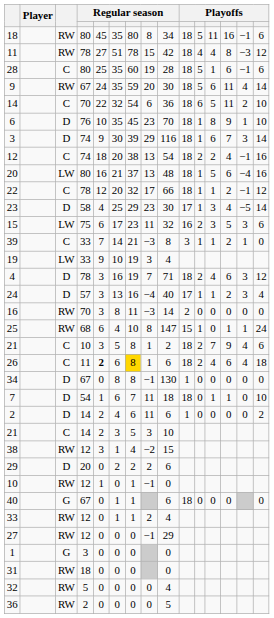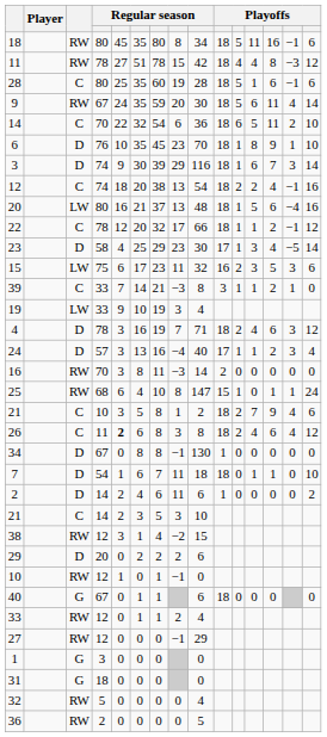 <table class="wikitable sortable plainrowheaders" style="text-align:center;">
 <tr>
 <th scope="col" data-sort-type="number" rowspan="2"></th>
 <th scope="col" rowspan="2">Player</th>
 <th scope="col" rowspan="2"></th>
 <th scope=colgroup colspan=6>Regular season</th>
 <th scope=colgroup colspan=6>Playoffs</th>
 </tr>
 <tr>
 <th scope="col" data-sort-type="number"></th>
 <th scope="col" data-sort-type="number"></th>
 <th scope="col" data-sort-type="number"></th>
 <th scope="col" data-sort-type="number"></th>
 <th scope="col" data-sort-type="number"></th>
 <th scope="col" data-sort-type="number"></th>
 <th scope="col" data-sort-type="number"></th>
 <th scope="col" data-sort-type="number"></th>
 <th scope="col" data-sort-type="number"></th>
 <th scope="col" data-sort-type="number"></th>
 <th scope="col" data-sort-type="number"></th>
 <th scope="col" data-sort-type="number"></th>
 </tr>
 <tr>
 <td scope="row">18</td>
 <td align="left"></td>
 <td>RW</td>
 <td>80</td>
 <td>45</td>
 <td>35</td>
 <td>80</td>
 <td>8</td>
 <td>34</td>
 <td>18</td>
 <td>5</td>
 <td>11</td>
 <td>16</td>
 <td>−1</td>
 <td>6</td>
 </tr>
 <tr>
 <td scope="row">11</td>
 <td align="left"></td>
 <td>RW</td>
 <td>78</td>
 <td>27</td>
 <td>51</td>
 <td>78</td>
 <td>15</td>
 <td>42</td>
 <td>18</td>
 <td>4</td>
 <td>4</td>
 <td>8</td>
 <td>−3</td>
 <td>12</td>
 </tr>
 <tr>
 <td scope="row">28</td>
 <td align="left"></td>
 <td>C</td>
 <td>80</td>
 <td>25</td>
 <td>35</td>
 <td>60</td>
 <td>19</td>
 <td>28</td>
 <td>18</td>
 <td>5</td>
 <td>1</td>
 <td>6</td>
 <td>−1</td>
 <td>6</td>
 </tr>
 <tr>
 <td scope="row">9</td>
 <td align="left"></td>
 <td>RW</td>
 <td>67</td>
 <td>24</td>
 <td>35</td>
 <td>59</td>
 <td>20</td>
 <td>30</td>
 <td>18</td>
 <td>5</td>
 <td>6</td>
 <td>11</td>
 <td>4</td>
 <td>14</td>
 </tr>
 <tr>
 <td scope="row">14</td>
 <td align="left"></td>
 <td>C</td>
 <td>70</td>
 <td>22</td>
 <td>32</td>
 <td>54</td>
 <td>6</td>
 <td>36</td>
 <td>18</td>
 <td>6</td>
 <td>5</td>
 <td>11</td>
 <td>2</td>
 <td>10</td>
 </tr>
 <tr>
 <td scope="row">6</td>
 <td align="left"></td>
 <td>D</td>
 <td>76</td>
 <td>10</td>
 <td>35</td>
 <td>45</td>
 <td>23</td>
 <td>70</td>
 <td>18</td>
 <td>1</td>
 <td>8</td>
 <td>9</td>
 <td>1</td>
 <td>10</td>
 </tr>
 <tr>
 <td scope="row">3</td>
 <td align="left"></td>
 <td>D</td>
 <td>74</td>
 <td>9</td>
 <td>30</td>
 <td>39</td>
 <td>29</td>
 <td>116</td>
 <td>18</td>
 <td>1</td>
 <td>6</td>
 <td>7</td>
 <td>3</td>
 <td>14</td>
 </tr>
 <tr>
 <td scope="row">12</td>
 <td align="left"></td>
 <td>C</td>
 <td>74</td>
 <td>18</td>
 <td>20</td>
 <td>38</td>
 <td>13</td>
 <td>54</td>
 <td>18</td>
 <td>2</td>
 <td>2</td>
 <td>4</td>
 <td>−1</td>
 <td>16</td>
 </tr>
 <tr>
 <td scope="row">20</td>
 <td align="left"></td>
 <td>LW</td>
 <td>80</td>
 <td>16</td>
 <td>21</td>
 <td>37</td>
 <td>13</td>
 <td>48</td>
 <td>18</td>
 <td>1</td>
 <td>5</td>
 <td>6</td>
 <td>−4</td>
 <td>16</td>
 </tr>
 <tr>
 <td scope="row">22</td>
 <td align="left"></td>
 <td>C</td>
 <td>78</td>
 <td>12</td>
 <td>20</td>
 <td>32</td>
 <td>17</td>
 <td>66</td>
 <td>18</td>
 <td>1</td>
 <td>1</td>
 <td>2</td>
 <td>−1</td>
 <td>12</td>
 </tr>
 <tr>
 <td scope="row">23</td>
 <td align="left"></td>
 <td>D</td>
 <td>58</td>
 <td>4</td>
 <td>25</td>
 <td>29</td>
 <td>23</td>
 <td>30</td>
 <td>17</td>
 <td>1</td>
 <td>3</td>
 <td>4</td>
 <td>−5</td>
 <td>14</td>
 </tr>
 <tr>
 <td scope="row">15</td>
 <td align="left"></td>
 <td>LW</td>
 <td>75</td>
 <td>6</td>
 <td>17</td>
 <td>23</td>
 <td>11</td>
 <td>32</td>
 <td>16</td>
 <td>2</td>
 <td>3</td>
 <td>5</td>
 <td>3</td>
 <td>6</td>
 </tr>
 <tr>
 <td scope="row">39</td>
 <td align="left"></td>
 <td>C</td>
 <td>33</td>
 <td>7</td>
 <td>14</td>
 <td>21</td>
 <td>−3</td>
 <td>8</td>
 <td>3</td>
 <td>1</td>
 <td>1</td>
 <td>2</td>
 <td>1</td>
 <td>0</td>
 </tr>
 <tr>
 <td scope="row">19</td>
 <td align="left"></td>
 <td>LW</td>
 <td>33</td>
 <td>9</td>
 <td>10</td>
 <td>19</td>
 <td>3</td>
 <td>4</td>
 <td></td>
 <td></td>
 <td></td>
 <td></td>
 <td></td>
 <td></td>
 </tr>
 <tr>
 <td scope="row">4</td>
 <td align="left"></td>
 <td>D</td>
 <td>78</td>
 <td>3</td>
 <td>16</td>
 <td>19</td>
 <td>7</td>
 <td>71</td>
 <td>18</td>
 <td>2</td>
 <td>4</td>
 <td>6</td>
 <td>3</td>
 <td>12</td>
 </tr>
 <tr>
 <td scope="row">24</td>
 <td align="left"></td>
 <td>D</td>
 <td>57</td>
 <td>3</td>
 <td>13</td>
 <td>16</td>
 <td>−4</td>
 <td>40</td>
 <td>17</td>
 <td>1</td>
 <td>1</td>
 <td>2</td>
 <td>3</td>
 <td>4</td>
 </tr>
 <tr>
 <td scope="row">16</td>
 <td align="left"></td>
 <td>RW</td>
 <td>70</td>
 <td>3</td>
 <td>8</td>
 <td>11</td>
 <td>−3</td>
 <td>14</td>
 <td>2</td>
 <td>0</td>
 <td>0</td>
 <td>0</td>
 <td>0</td>
 <td>0</td>
 </tr>
 <tr>
 <td scope="row">25</td>
 <td align="left"></td>
 <td>RW</td>
 <td>68</td>
 <td>6</td>
 <td>4</td>
 <td>10</td>
 <td>8</td>
 <td>147</td>
 <td>15</td>
 <td>1</td>
 <td>0</td>
 <td>1</td>
 <td>1</td>
 <td>24</td>
 </tr>
 <tr>
 <td scope="row">21</td>
 <td align="left"></td>
 <td>C</td>
 <td>10</td>
 <td>3</td>
 <td>5</td>
 <td>8</td>
 <td>1</td>
 <td>2</td>
 <td>18</td>
 <td>2</td>
 <td>7</td>
 <td>9</td>
 <td>4</td>
 <td>6</td>
 </tr>
 <tr>
 <td scope="row">26</td>
 <td align="left"></td>
 <td>C</td>
 <td>11</td>
 <td><strong>2</strong></td>
 <td>6</td>
-<td style="background: gold;">8</td>
-<td>1</td>
-<td>6</td>
+<td>8</td>
+<td>3</td>
+<td>8</td>
 <td>18</td>
 <td>2</td>
 <td>4</td>
 <td>6</td>
 <td>4</td>
-<td>18</td>
+<td>12</td>
 </tr>
 <tr>
 <td scope="row">34</td>
 <td align="left"></td>
 <td>D</td>
 <td>67</td>
 <td>0</td>
 <td>8</td>
 <td>8</td>
 <td>−1</td>
 <td>130</td>
 <td>1</td>
 <td>0</td>
 <td>0</td>
 <td>0</td>
 <td>0</td>
 <td>0</td>
 </tr>
 <tr>
 <td scope="row">7</td>
 <td align="left"></td>
 <td>D</td>
 <td>54</td>
 <td>1</td>
 <td>6</td>
 <td>7</td>
 <td>11</td>
 <td>18</td>
 <td>18</td>
 <td>0</td>
 <td>1</td>
 <td>1</td>
 <td>0</td>
 <td>10</td>
 </tr>
 <tr>
 <td scope="row">2</td>
 <td align="left"></td>
 <td>D</td>
 <td>14</td>
 <td>2</td>
 <td>4</td>
 <td>6</td>
 <td>11</td>
 <td>6</td>
 <td>1</td>
 <td>0</td>
 <td>0</td>
 <td>0</td>
 <td>0</td>
 <td>2</td>
 </tr>
 <tr>
 <td scope="row">21</td>
 <td align="left"></td>
 <td>C</td>
 <td>14</td>
 <td>2</td>
 <td>3</td>
 <td>5</td>
 <td>3</td>
 <td>10</td>
 <td></td>
 <td></td>
 <td></td>
 <td></td>
 <td></td>
 <td></td>
 </tr>
 <tr>
 <td scope="row">38</td>
 <td align="left"></td>
 <td>RW</td>
 <td>12</td>
 <td>3</td>
 <td>1</td>
 <td>4</td>
 <td>−2</td>
 <td>15</td>
 <td></td>
 <td></td>
 <td></td>
 <td></td>
 <td></td>
 <td></td>
 </tr>
 <tr>
 <td scope="row">29</td>
 <td align="left"></td>
 <td>D</td>
 <td>20</td>
 <td>0</td>
 <td>2</td>
 <td>2</td>
 <td>2</td>
 <td>6</td>
 <td></td>
 <td></td>
 <td></td>
 <td></td>
 <td></td>
 <td></td>
 </tr>
 <tr>
 <td scope="row">10</td>
 <td align="left"></td>
 <td>RW</td>
 <td>12</td>
 <td>1</td>
 <td>0</td>
 <td>1</td>
 <td>−1</td>
 <td>0</td>
 <td></td>
 <td></td>
 <td></td>
 <td></td>
 <td></td>
 <td></td>
 </tr>
 <tr>
 <td scope="row">40</td>
 <td align="left"></td>
 <td>G</td>
 <td>67</td>
 <td>0</td>
 <td>1</td>
 <td>1</td>
 <td style="background:#ccc"></td>
 <td>6</td>
 <td>18</td>
 <td>0</td>
 <td>0</td>
 <td>0</td>
 <td style="background:#ccc"></td>
 <td>0</td>
 </tr>
 <tr>
 <td scope="row">33</td>
 <td align="left"></td>
 <td>RW</td>
 <td>12</td>
 <td>0</td>
 <td>1</td>
 <td>1</td>
 <td>2</td>
 <td>4</td>
 <td></td>
 <td></td>
 <td></td>
 <td></td>
 <td></td>
 <td></td>
 </tr>
 <tr>
 <td scope="row">27</td>
 <td align="left"></td>
 <td>RW</td>
 <td>12</td>
 <td>0</td>
 <td>0</td>
 <td>0</td>
 <td>−1</td>
 <td>29</td>
 <td></td>
 <td></td>
 <td></td>
 <td></td>
 <td></td>
 <td></td>
 </tr>
 <tr>
 <td scope="row">1</td>
 <td align="left"></td>
 <td>G</td>
 <td>3</td>
 <td>0</td>
 <td>0</td>
 <td>0</td>
 <td style="background:#ccc"></td>
 <td>0</td>
 <td></td>
 <td></td>
 <td></td>
 <td></td>
 <td></td>
 <td></td>
 </tr>
 <tr>
 <td scope="row">31</td>
 <td align="left"></td>
-<td>RW</td>
+<td>G</td>
 <td>18</td>
 <td>0</td>
 <td>0</td>
 <td>0</td>
 <td style="background:#ccc"></td>
 <td>0</td>
 <td></td>
 <td></td>
 <td></td>
 <td></td>
 <td></td>
 <td></td>
 </tr>
 <tr>
 <td scope="row">32</td>
 <td align="left"></td>
 <td>RW</td>
 <td>5</td>
 <td>0</td>
 <td>0</td>
 <td>0</td>
 <td>0</td>
 <td>4</td>
 <td></td>
 <td></td>
 <td></td>
 <td></td>
 <td></td>
 <td></td>
 </tr>
 <tr>
 <td scope="row">36</td>
 <td align="left"></td>
 <td>RW</td>
 <td>2</td>
 <td>0</td>
 <td>0</td>
 <td>0</td>
 <td>0</td>
 <td>5</td>
 <td></td>
 <td></td>
 <td></td>
 <td></td>
 <td></td>
 <td></td>
 </tr>
 </table>
